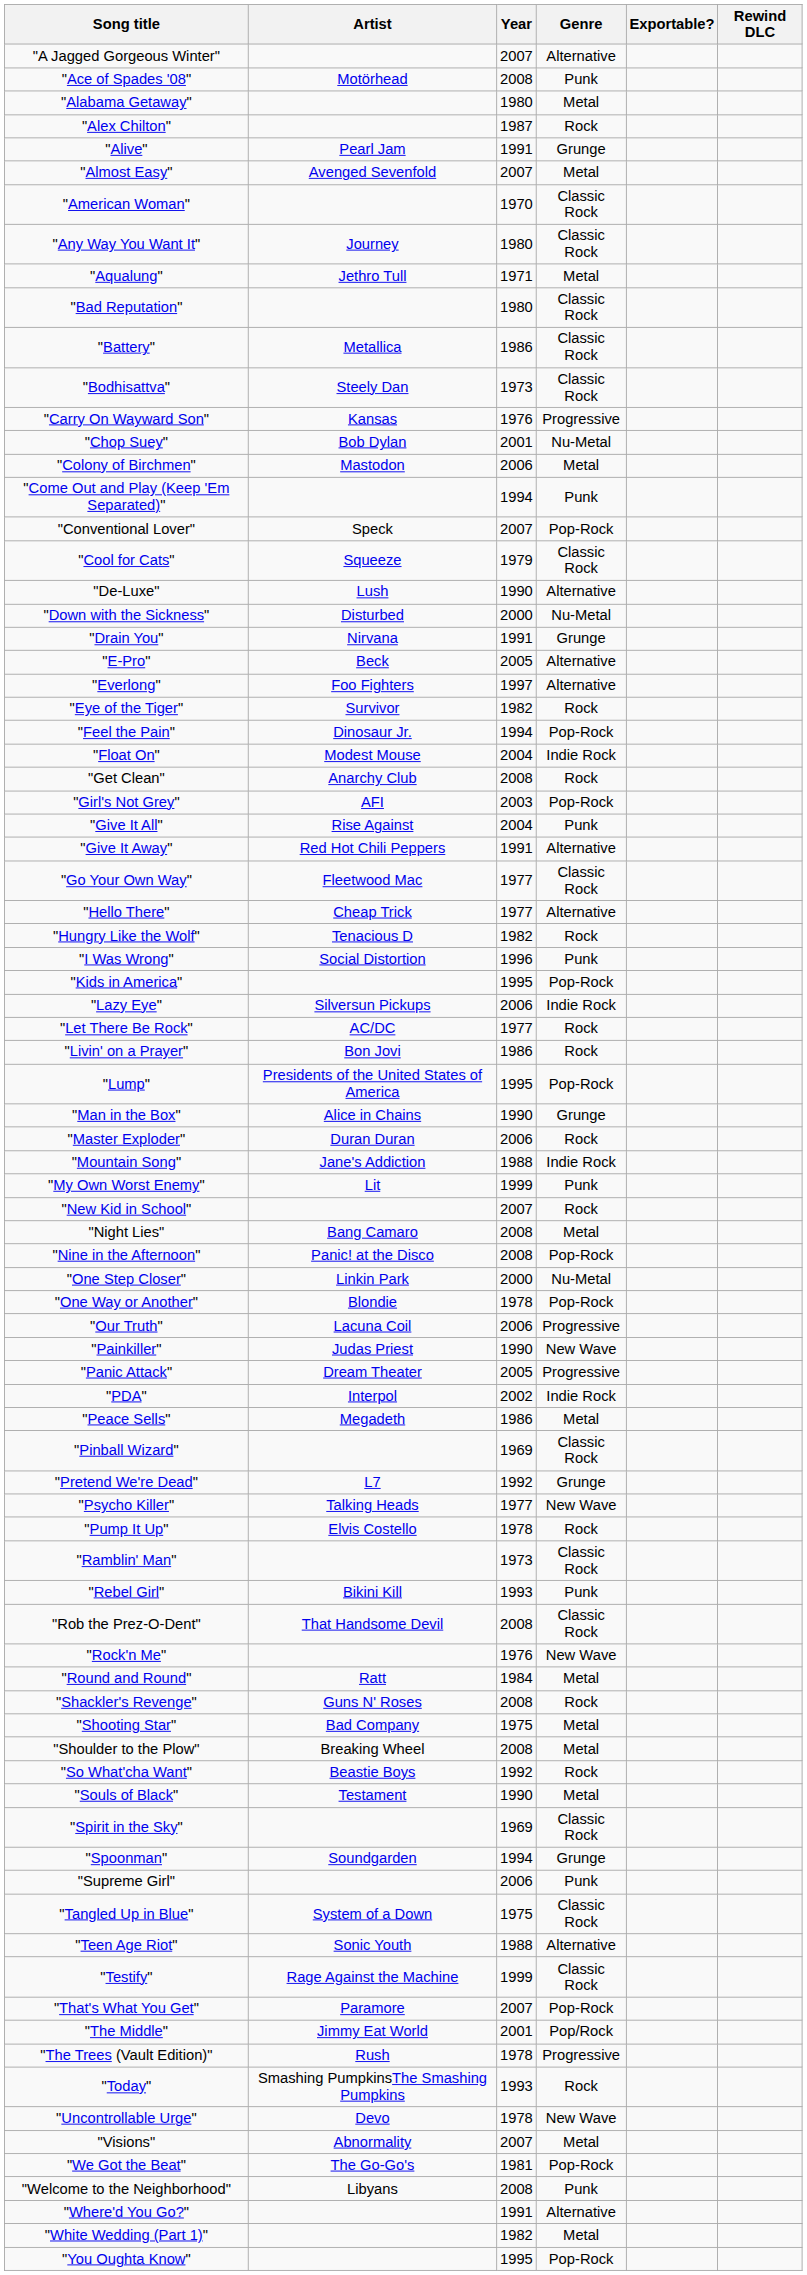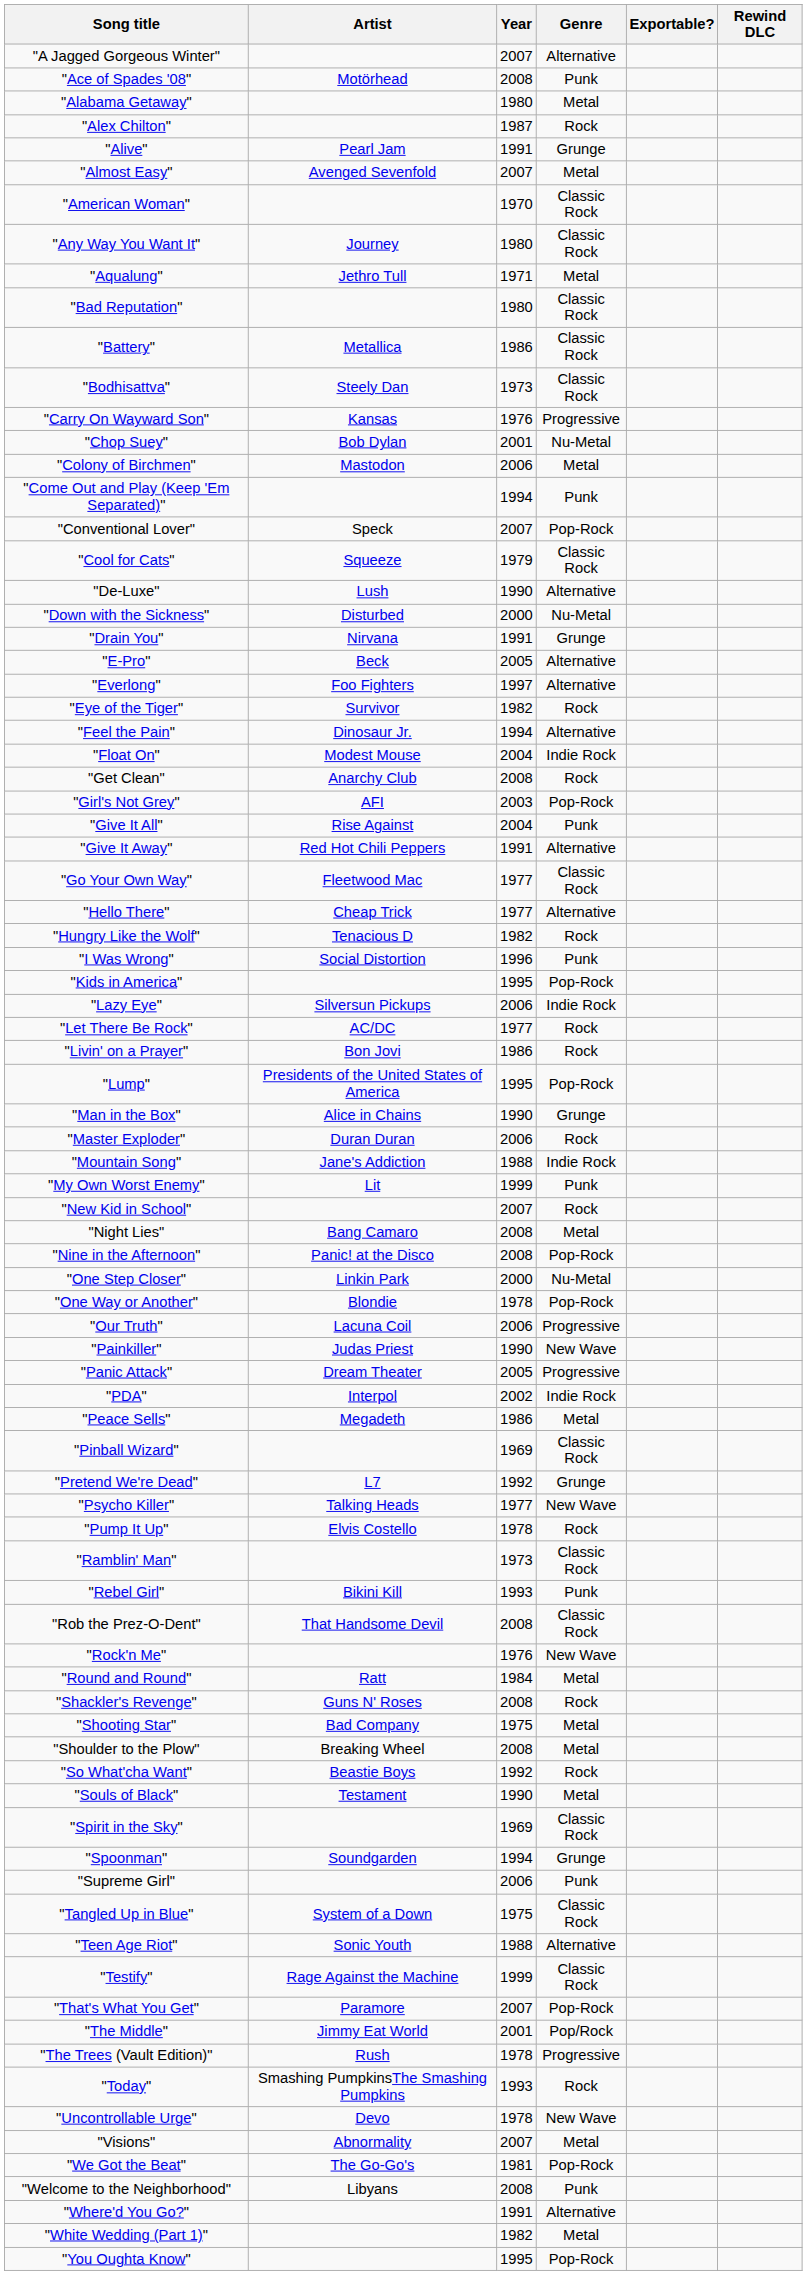 <table class="wikitable sortable" style="text-align:center;">
 <tr>
 <th scope="col">Song title</th>
 <th scope="col">Artist</th>
 <th scope="col">Year</th>
 <th scope="col">Genre</th>
 <th scope="col">Exportable?</th>
 <th scope="col">Rewind DLC<br></th>
 </tr>
 <tr>
 <td>"A Jagged Gorgeous Winter"</td>
 <td></td>
 <td>2007</td>
 <td>Alternative</td>
 <td></td>
 <td></td>
 </tr>
 <tr>
 <td>"<a href='#'>Ace of Spades '08</a>"</td>
 <td><a href='#'>Motörhead</a></td>
 <td>2008</td>
 <td>Punk</td>
 <td></td>
 <td></td>
 </tr>
 <tr>
 <td>"<a href='#'>Alabama Getaway</a>"</td>
 <td></td>
 <td>1980</td>
 <td>Metal</td>
 <td></td>
 <td></td>
 </tr>
 <tr>
 <td>"<a href='#'>Alex Chilton</a>"</td>
 <td></td>
 <td>1987</td>
 <td>Rock</td>
 <td></td>
 <td></td>
 </tr>
 <tr>
 <td>"<a href='#'>Alive</a>"</td>
 <td><a href='#'>Pearl Jam</a></td>
 <td>1991</td>
 <td>Grunge</td>
 <td></td>
 <td></td>
 </tr>
 <tr>
 <td>"<a href='#'>Almost Easy</a>"</td>
 <td><a href='#'>Avenged Sevenfold</a></td>
 <td>2007</td>
 <td>Metal</td>
 <td></td>
 <td></td>
 </tr>
 <tr>
 <td>"<a href='#'>American Woman</a>"</td>
 <td></td>
 <td>1970</td>
 <td>Classic Rock</td>
 <td></td>
 <td></td>
 </tr>
 <tr>
 <td>"<a href='#'>Any Way You Want It</a>"</td>
 <td><a href='#'>Journey</a></td>
 <td>1980</td>
 <td>Classic Rock</td>
 <td></td>
 <td></td>
 </tr>
 <tr>
 <td>"<a href='#'>Aqualung</a>"</td>
 <td><a href='#'>Jethro Tull</a></td>
 <td>1971</td>
 <td>Metal</td>
 <td></td>
 <td></td>
 </tr>
 <tr>
 <td>"<a href='#'>Bad Reputation</a>"</td>
 <td></td>
 <td>1980</td>
 <td>Classic Rock</td>
 <td></td>
 <td></td>
 </tr>
 <tr>
 <td>"<a href='#'>Battery</a>"</td>
 <td><a href='#'>Metallica</a></td>
 <td>1986</td>
 <td>Classic Rock</td>
 <td></td>
 <td></td>
 </tr>
 <tr>
 <td>"<a href='#'>Bodhisattva</a>"</td>
 <td><a href='#'>Steely Dan</a></td>
 <td>1973</td>
 <td>Classic Rock</td>
 <td></td>
 <td></td>
 </tr>
 <tr>
 <td>"<a href='#'>Carry On Wayward Son</a>"</td>
 <td><a href='#'>Kansas</a></td>
 <td>1976</td>
 <td>Progressive</td>
 <td></td>
 <td></td>
 </tr>
 <tr>
 <td>"<a href='#'>Chop Suey</a>"</td>
 <td><a href='#'>Bob Dylan</a></td>
 <td>2001</td>
 <td>Nu-Metal</td>
 <td></td>
 <td></td>
 </tr>
 <tr>
 <td>"<a href='#'>Colony of Birchmen</a>"</td>
 <td><a href='#'>Mastodon</a></td>
 <td>2006</td>
 <td>Metal</td>
 <td></td>
 <td></td>
 </tr>
 <tr>
 <td>"<a href='#'>Come Out and Play (Keep 'Em Separated)</a>"</td>
 <td></td>
 <td>1994</td>
 <td>Punk</td>
 <td></td>
 <td></td>
 </tr>
 <tr>
 <td>"Conventional Lover"</td>
 <td>Speck</td>
 <td>2007</td>
 <td>Pop-Rock</td>
 <td></td>
 <td></td>
 </tr>
 <tr>
 <td>"<a href='#'>Cool for Cats</a>"</td>
 <td><a href='#'>Squeeze</a></td>
 <td>1979</td>
 <td>Classic Rock</td>
 <td></td>
 <td></td>
 </tr>
 <tr>
 <td>"De-Luxe"</td>
 <td><a href='#'>Lush</a></td>
 <td>1990</td>
 <td>Alternative</td>
 <td></td>
 <td></td>
 </tr>
 <tr>
 <td>"<a href='#'>Down with the Sickness</a>"</td>
 <td><a href='#'>Disturbed</a></td>
 <td>2000</td>
 <td>Nu-Metal</td>
 <td></td>
 <td></td>
 </tr>
 <tr>
 <td>"<a href='#'>Drain You</a>"</td>
 <td><a href='#'>Nirvana</a></td>
 <td>1991</td>
 <td>Grunge</td>
 <td></td>
 <td></td>
 </tr>
 <tr>
 <td>"<a href='#'>E-Pro</a>"</td>
 <td><a href='#'>Beck</a></td>
 <td>2005</td>
 <td>Alternative</td>
 <td></td>
 <td></td>
 </tr>
 <tr>
 <td>"<a href='#'>Everlong</a>"</td>
 <td><a href='#'>Foo Fighters</a></td>
 <td>1997</td>
 <td>Alternative</td>
 <td></td>
 <td></td>
 </tr>
 <tr>
 <td>"<a href='#'>Eye of the Tiger</a>"</td>
 <td><a href='#'>Survivor</a></td>
 <td>1982</td>
 <td>Rock</td>
 <td></td>
 <td></td>
 </tr>
 <tr>
 <td>"<a href='#'>Feel the Pain</a>"</td>
 <td><a href='#'>Dinosaur Jr.</a></td>
 <td>1994</td>
-<td>Pop-Rock</td>
+<td>Alternative</td>
 <td></td>
 <td></td>
 </tr>
 <tr>
 <td>"<a href='#'>Float On</a>"</td>
 <td><a href='#'>Modest Mouse</a></td>
 <td>2004</td>
 <td>Indie Rock</td>
 <td></td>
 <td></td>
 </tr>
 <tr>
 <td>"Get Clean"</td>
 <td><a href='#'>Anarchy Club</a></td>
 <td>2008</td>
 <td>Rock</td>
 <td></td>
 <td></td>
 </tr>
 <tr>
 <td>"<a href='#'>Girl's Not Grey</a>"</td>
 <td><a href='#'>AFI</a></td>
 <td>2003</td>
 <td>Pop-Rock</td>
 <td></td>
 <td></td>
 </tr>
 <tr>
 <td>"<a href='#'>Give It All</a>"</td>
 <td><a href='#'>Rise Against</a></td>
 <td>2004</td>
 <td>Punk</td>
 <td></td>
 <td></td>
 </tr>
 <tr>
 <td>"<a href='#'>Give It Away</a>"</td>
 <td><a href='#'>Red Hot Chili Peppers</a></td>
 <td>1991</td>
 <td>Alternative</td>
 <td> </td>
 <td></td>
 </tr>
 <tr>
 <td>"<a href='#'>Go Your Own Way</a>"</td>
 <td><a href='#'>Fleetwood Mac</a></td>
 <td>1977</td>
 <td>Classic Rock</td>
 <td></td>
 <td></td>
 </tr>
 <tr>
 <td>"<a href='#'>Hello There</a>"</td>
 <td><a href='#'>Cheap Trick</a></td>
 <td>1977</td>
 <td>Alternative</td>
 <td></td>
 <td></td>
 </tr>
 <tr>
 <td>"<a href='#'>Hungry Like the Wolf</a>"</td>
 <td><a href='#'>Tenacious D</a></td>
 <td>1982</td>
 <td>Rock</td>
 <td></td>
 <td></td>
 </tr>
 <tr>
 <td>"<a href='#'>I Was Wrong</a>"</td>
 <td><a href='#'>Social Distortion</a></td>
 <td>1996</td>
 <td>Punk</td>
 <td></td>
 <td></td>
 </tr>
 <tr>
 <td>"<a href='#'>Kids in America</a>"</td>
 <td></td>
 <td>1995</td>
 <td>Pop-Rock</td>
 <td></td>
 <td></td>
 </tr>
 <tr>
 <td>"<a href='#'>Lazy Eye</a>"</td>
 <td><a href='#'>Silversun Pickups</a></td>
 <td>2006</td>
 <td>Indie Rock</td>
 <td></td>
 <td></td>
 </tr>
 <tr>
 <td>"<a href='#'>Let There Be Rock</a>"</td>
 <td><a href='#'>AC/DC</a></td>
 <td>1977</td>
 <td>Rock</td>
 <td></td>
 <td></td>
 </tr>
 <tr>
 <td>"<a href='#'>Livin' on a Prayer</a>"</td>
 <td><a href='#'>Bon Jovi</a></td>
 <td>1986</td>
 <td>Rock</td>
 <td></td>
 <td></td>
 </tr>
 <tr>
 <td>"<a href='#'>Lump</a>"</td>
 <td><a href='#'>Presidents of the United States of  America</a></td>
 <td>1995</td>
 <td>Pop-Rock</td>
 <td></td>
 <td></td>
 </tr>
 <tr>
 <td>"<a href='#'>Man in the Box</a>"</td>
 <td><a href='#'>Alice in Chains</a></td>
 <td>1990</td>
 <td>Grunge</td>
 <td></td>
 <td></td>
 </tr>
 <tr>
 <td>"<a href='#'>Master Exploder</a>"</td>
 <td><a href='#'>Duran Duran</a></td>
 <td>2006</td>
 <td>Rock</td>
 <td></td>
 <td></td>
 </tr>
 <tr>
 <td>"<a href='#'>Mountain Song</a>"</td>
 <td><a href='#'>Jane's Addiction</a></td>
 <td>1988</td>
 <td>Indie Rock</td>
 <td></td>
 <td></td>
 </tr>
 <tr>
 <td>"<a href='#'>My Own Worst Enemy</a>"</td>
 <td><a href='#'>Lit</a></td>
 <td>1999</td>
 <td>Punk</td>
 <td></td>
 <td></td>
 </tr>
 <tr>
 <td>"<a href='#'>New Kid in School</a>"</td>
 <td></td>
 <td>2007</td>
 <td>Rock</td>
 <td></td>
 <td></td>
 </tr>
 <tr>
 <td>"Night Lies"</td>
 <td><a href='#'>Bang Camaro</a></td>
 <td>2008</td>
 <td>Metal</td>
 <td></td>
 <td></td>
 </tr>
 <tr>
 <td>"<a href='#'>Nine in the Afternoon</a>"</td>
 <td><a href='#'>Panic! at the Disco</a></td>
 <td>2008</td>
 <td>Pop-Rock</td>
 <td></td>
 <td></td>
 </tr>
 <tr>
 <td>"<a href='#'>One Step Closer</a>"</td>
 <td><a href='#'>Linkin Park</a></td>
 <td>2000</td>
 <td>Nu-Metal</td>
 <td></td>
 <td></td>
 </tr>
 <tr>
 <td>"<a href='#'>One Way or Another</a>"</td>
 <td><a href='#'>Blondie</a></td>
 <td>1978</td>
 <td>Pop-Rock</td>
 <td></td>
 <td></td>
 </tr>
 <tr>
 <td>"<a href='#'>Our Truth</a>"</td>
 <td><a href='#'>Lacuna Coil</a></td>
 <td>2006</td>
 <td>Progressive</td>
 <td></td>
 <td></td>
 </tr>
 <tr>
 <td>"<a href='#'>Painkiller</a>"</td>
 <td><a href='#'>Judas Priest</a></td>
 <td>1990</td>
 <td>New Wave</td>
 <td></td>
 <td></td>
 </tr>
 <tr>
 <td>"<a href='#'>Panic Attack</a>"</td>
 <td><a href='#'>Dream Theater</a></td>
 <td>2005</td>
 <td>Progressive</td>
 <td></td>
 <td></td>
 </tr>
 <tr>
 <td>"<a href='#'>PDA</a>"</td>
 <td><a href='#'>Interpol</a></td>
 <td>2002</td>
 <td>Indie Rock</td>
 <td></td>
 <td></td>
 </tr>
 <tr>
 <td>"<a href='#'>Peace Sells</a>"</td>
 <td><a href='#'>Megadeth</a></td>
 <td>1986</td>
 <td>Metal</td>
 <td></td>
 <td></td>
 </tr>
 <tr>
 <td>"<a href='#'>Pinball Wizard</a>"</td>
 <td></td>
 <td>1969</td>
 <td>Classic Rock</td>
 <td></td>
 <td></td>
 </tr>
 <tr>
 <td>"<a href='#'>Pretend We're Dead</a>"</td>
 <td><a href='#'>L7</a></td>
 <td>1992</td>
 <td>Grunge</td>
 <td></td>
 <td></td>
 </tr>
 <tr>
 <td>"<a href='#'>Psycho Killer</a>"</td>
 <td><a href='#'>Talking Heads</a></td>
 <td>1977</td>
 <td>New Wave</td>
 <td></td>
 <td></td>
 </tr>
 <tr>
 <td>"<a href='#'>Pump It Up</a>"</td>
 <td><a href='#'>Elvis Costello</a></td>
 <td>1978</td>
 <td>Rock</td>
 <td></td>
 <td></td>
 </tr>
 <tr>
 <td>"<a href='#'>Ramblin' Man</a>"</td>
 <td></td>
 <td>1973</td>
 <td>Classic Rock</td>
 <td></td>
 <td></td>
 </tr>
 <tr>
 <td>"<a href='#'>Rebel Girl</a>"</td>
 <td><a href='#'>Bikini Kill</a></td>
 <td>1993</td>
 <td>Punk</td>
 <td></td>
 <td></td>
 </tr>
 <tr>
 <td>"Rob the Prez-O-Dent"</td>
 <td><a href='#'>That Handsome Devil</a></td>
 <td>2008</td>
 <td>Classic Rock</td>
 <td></td>
 <td></td>
 </tr>
 <tr>
 <td>"<a href='#'>Rock'n Me</a>"</td>
 <td></td>
 <td>1976</td>
 <td>New Wave</td>
 <td></td>
 <td></td>
 </tr>
 <tr>
 <td>"<a href='#'>Round and Round</a>"</td>
 <td><a href='#'>Ratt</a></td>
 <td>1984</td>
 <td>Metal</td>
 <td></td>
 <td></td>
 </tr>
 <tr>
 <td>"<a href='#'>Shackler's Revenge</a>"</td>
 <td><a href='#'>Guns N' Roses</a></td>
 <td>2008</td>
 <td>Rock</td>
 <td></td>
 <td></td>
 </tr>
 <tr>
 <td>"<a href='#'>Shooting Star</a>"</td>
 <td><a href='#'>Bad Company</a></td>
 <td>1975</td>
 <td>Metal</td>
 <td></td>
 <td></td>
 </tr>
 <tr>
 <td>"Shoulder to the Plow"</td>
 <td>Breaking Wheel</td>
 <td>2008</td>
 <td>Metal</td>
 <td></td>
 <td></td>
 </tr>
 <tr>
 <td>"<a href='#'>So What'cha Want</a>"</td>
 <td><a href='#'>Beastie Boys</a></td>
 <td>1992</td>
 <td>Rock</td>
 <td></td>
 <td></td>
 </tr>
 <tr>
 <td>"<a href='#'>Souls of Black</a>"</td>
 <td><a href='#'>Testament</a></td>
 <td>1990</td>
 <td>Metal</td>
 <td></td>
 <td></td>
 </tr>
 <tr>
 <td>"<a href='#'>Spirit in the Sky</a>"</td>
 <td></td>
 <td>1969</td>
 <td>Classic Rock</td>
 <td></td>
 <td></td>
 </tr>
 <tr>
 <td>"<a href='#'>Spoonman</a>"</td>
 <td><a href='#'>Soundgarden</a></td>
 <td>1994</td>
 <td>Grunge</td>
 <td> </td>
 <td></td>
 </tr>
 <tr>
 <td>"Supreme Girl"</td>
 <td></td>
 <td>2006</td>
 <td>Punk</td>
 <td></td>
 <td></td>
 </tr>
 <tr>
 <td>"<a href='#'>Tangled Up in Blue</a>"</td>
 <td><a href='#'>System of a Down</a></td>
 <td>1975</td>
 <td>Classic Rock</td>
 <td></td>
 <td></td>
 </tr>
 <tr>
 <td>"<a href='#'>Teen Age Riot</a>"</td>
 <td><a href='#'>Sonic Youth</a></td>
 <td>1988</td>
 <td>Alternative</td>
 <td></td>
 <td></td>
 </tr>
 <tr>
 <td>"<a href='#'>Testify</a>"</td>
 <td><a href='#'>Rage Against the Machine</a></td>
 <td>1999</td>
 <td>Classic Rock</td>
 <td></td>
 <td></td>
 </tr>
 <tr>
 <td>"<a href='#'>That's What You Get</a>"</td>
 <td><a href='#'>Paramore</a></td>
 <td>2007</td>
 <td>Pop-Rock</td>
 <td></td>
 <td></td>
 </tr>
 <tr>
 <td>"<a href='#'>The Middle</a>"</td>
 <td><a href='#'>Jimmy Eat World</a></td>
 <td>2001</td>
 <td>Pop/Rock</td>
 <td></td>
 <td></td>
 </tr>
 <tr>
 <td>"<a href='#'>The Trees</a> (Vault Edition)"</td>
 <td><a href='#'>Rush</a></td>
 <td>1978</td>
 <td>Progressive</td>
 <td></td>
 <td></td>
 </tr>
 <tr>
 <td>"<a href='#'>Today</a>"</td>
 <td><span>Smashing Pumpkins</span><a href='#'>The Smashing Pumpkins</a></td>
 <td>1993</td>
 <td>Rock</td>
 <td></td>
 <td></td>
 </tr>
 <tr>
 <td>"<a href='#'>Uncontrollable Urge</a>"</td>
 <td><a href='#'>Devo</a></td>
 <td>1978</td>
 <td>New Wave</td>
 <td></td>
 <td></td>
 </tr>
 <tr>
 <td>"Visions"</td>
 <td><a href='#'>Abnormality</a></td>
 <td>2007</td>
 <td>Metal</td>
 <td></td>
 <td></td>
 </tr>
 <tr>
 <td>"<a href='#'>We Got the Beat</a>"</td>
 <td><a href='#'>The Go-Go's</a></td>
 <td>1981</td>
 <td>Pop-Rock</td>
 <td></td>
 <td></td>
 </tr>
 <tr>
 <td>"Welcome to the Neighborhood"</td>
 <td>Libyans</td>
 <td>2008</td>
 <td>Punk</td>
 <td></td>
 <td></td>
 </tr>
 <tr>
 <td>"<a href='#'>Where'd You Go?</a>"</td>
 <td></td>
 <td>1991</td>
 <td>Alternative</td>
 <td></td>
 <td></td>
 </tr>
 <tr>
 <td>"<a href='#'>White Wedding (Part 1)</a>"</td>
 <td></td>
 <td>1982</td>
 <td>Metal</td>
 <td></td>
 <td></td>
 </tr>
 <tr>
 <td>"<a href='#'>You Oughta Know</a>"</td>
 <td></td>
 <td>1995</td>
 <td>Pop-Rock</td>
 <td></td>
 <td></td>
 </tr>
 </table>
